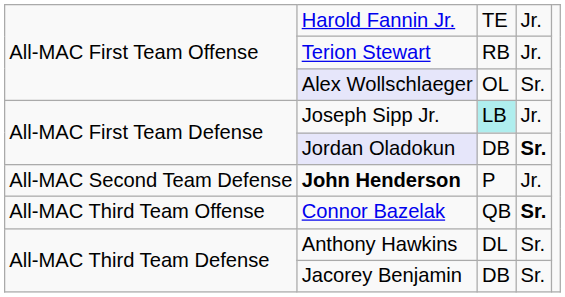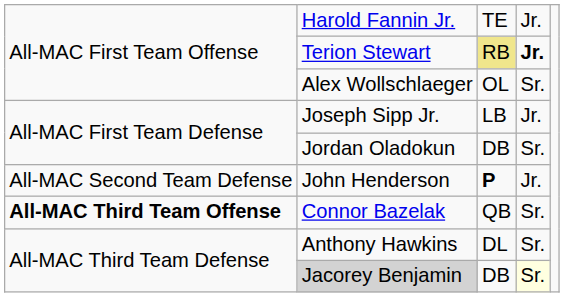 <table class="wikitable">
 <tr>
 <td rowspan=3>All-MAC First Team Offense</td>
 <td><a href='#'>Harold Fannin Jr.</a></td>
 <td>TE</td>
 <td>Jr.</td>
 <td rowspan=9></td>
 </tr>
 <tr>
 <td><a href='#'>Terion Stewart</a></td>
-<td>RB</td>
-<td>Jr.</td>
+<td style="background: khaki;">RB</td>
+<td><strong>Jr.</strong></td>
 </tr>
 <tr>
-<td style="background: lavender;">Alex Wollschlaeger</td>
+<td>Alex Wollschlaeger</td>
 <td>OL</td>
 <td>Sr.</td>
 </tr>
 <tr>
 <td rowspan=2>All-MAC First Team Defense</td>
 <td>Joseph Sipp Jr.</td>
-<td style="background: paleturquoise;">LB</td>
+<td>LB</td>
 <td>Jr.</td>
 </tr>
 <tr>
-<td style="background: lavender;">Jordan Oladokun</td>
+<td>Jordan Oladokun</td>
 <td>DB</td>
-<td><strong>Sr.</strong></td>
+<td>Sr.</td>
 </tr>
 <tr>
 <td>All-MAC Second Team Defense</td>
-<td><strong>John Henderson</strong></td>
-<td>P</td>
+<td>John Henderson</td>
+<td><strong>P</strong></td>
 <td>Jr.</td>
 </tr>
 <tr>
-<td>All-MAC Third Team Offense</td>
+<td><strong>All-MAC Third Team Offense</strong></td>
 <td><a href='#'>Connor Bazelak</a></td>
 <td>QB</td>
-<td><strong>Sr.</strong></td>
+<td>Sr.</td>
 </tr>
 <tr>
 <td rowspan=2>All-MAC Third Team Defense</td>
 <td>Anthony Hawkins</td>
 <td>DL</td>
 <td>Sr.</td>
 </tr>
 <tr>
-<td>Jacorey Benjamin</td>
+<td style="background: lightgrey;">Jacorey Benjamin</td>
 <td>DB</td>
-<td>Sr.</td>
+<td style="background: lightyellow;">Sr.</td>
 </tr>
 </table>
